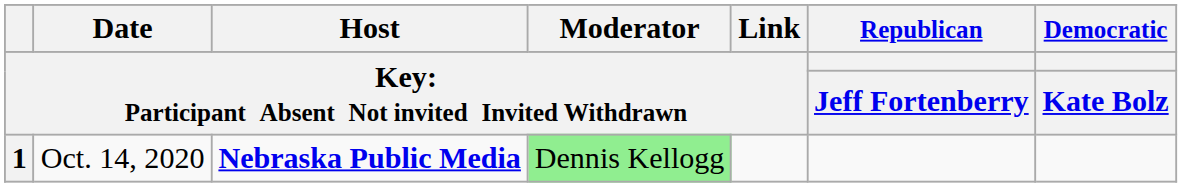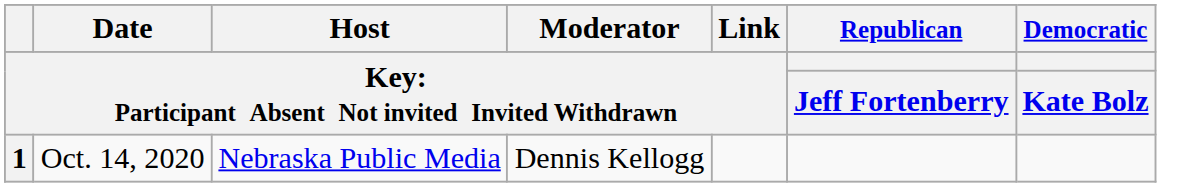 <table class="wikitable" style="text-align:center;">
 <tr>
 <th scope="col"></th>
 <th scope="col">Date</th>
 <th scope="col">Host</th>
 <th scope="col">Moderator</th>
 <th scope="col">Link</th>
 <th scope="col"><small><a href='#'>Republican</a></small></th>
 <th scope="col"><small><a href='#'>Democratic</a></small></th>
 </tr>
 <tr>
 <th colspan="5" rowspan="2">Key:<br> <small>Participant </small>  <small>Absent </small>  <small>Not invited </small>  <small>Invited  Withdrawn</small></th>
 <th scope="col" style="background:"></th>
 <th scope="col" style="background:"></th>
 </tr>
 <tr>
 <th scope="col"><a href='#'>Jeff Fortenberry</a></th>
 <th scope="col"><a href='#'>Kate Bolz</a></th>
 </tr>
 <tr>
 <th>1</th>
 <td style="white-space:nowrap;">Oct. 14, 2020</td>
-<td style="white-space:nowrap;"><strong><a href='#'>Nebraska Public Media</a></strong></td>
-<td style="background: lightgreen; white-space:nowrap;">Dennis Kellogg</td>
+<td style="white-space:nowrap;"><a href='#'>Nebraska Public Media</a></td>
+<td style="white-space:nowrap;">Dennis Kellogg</td>
 <td style="white-space:nowrap;"></td>
 <td></td>
 <td></td>
 </tr>
 </table>
